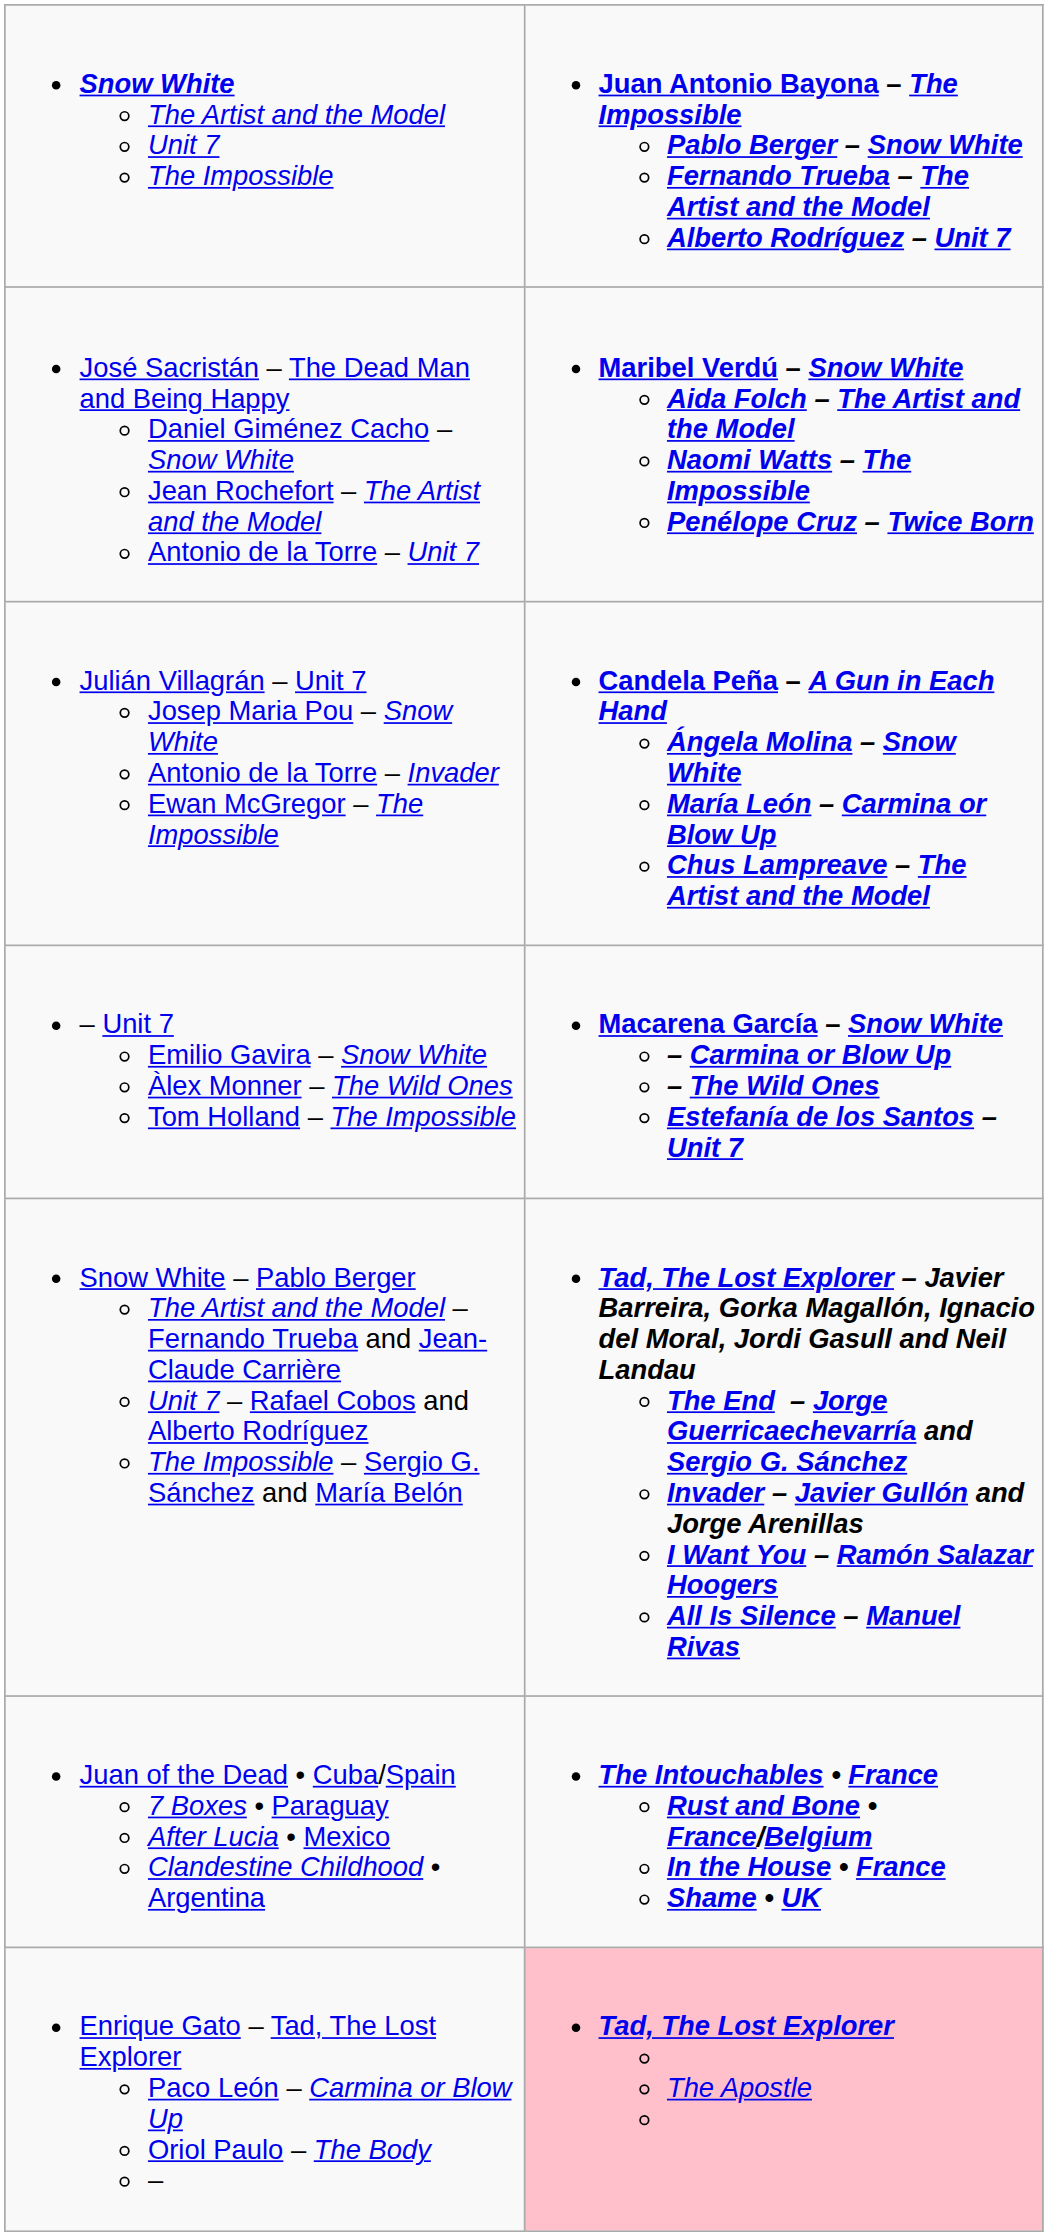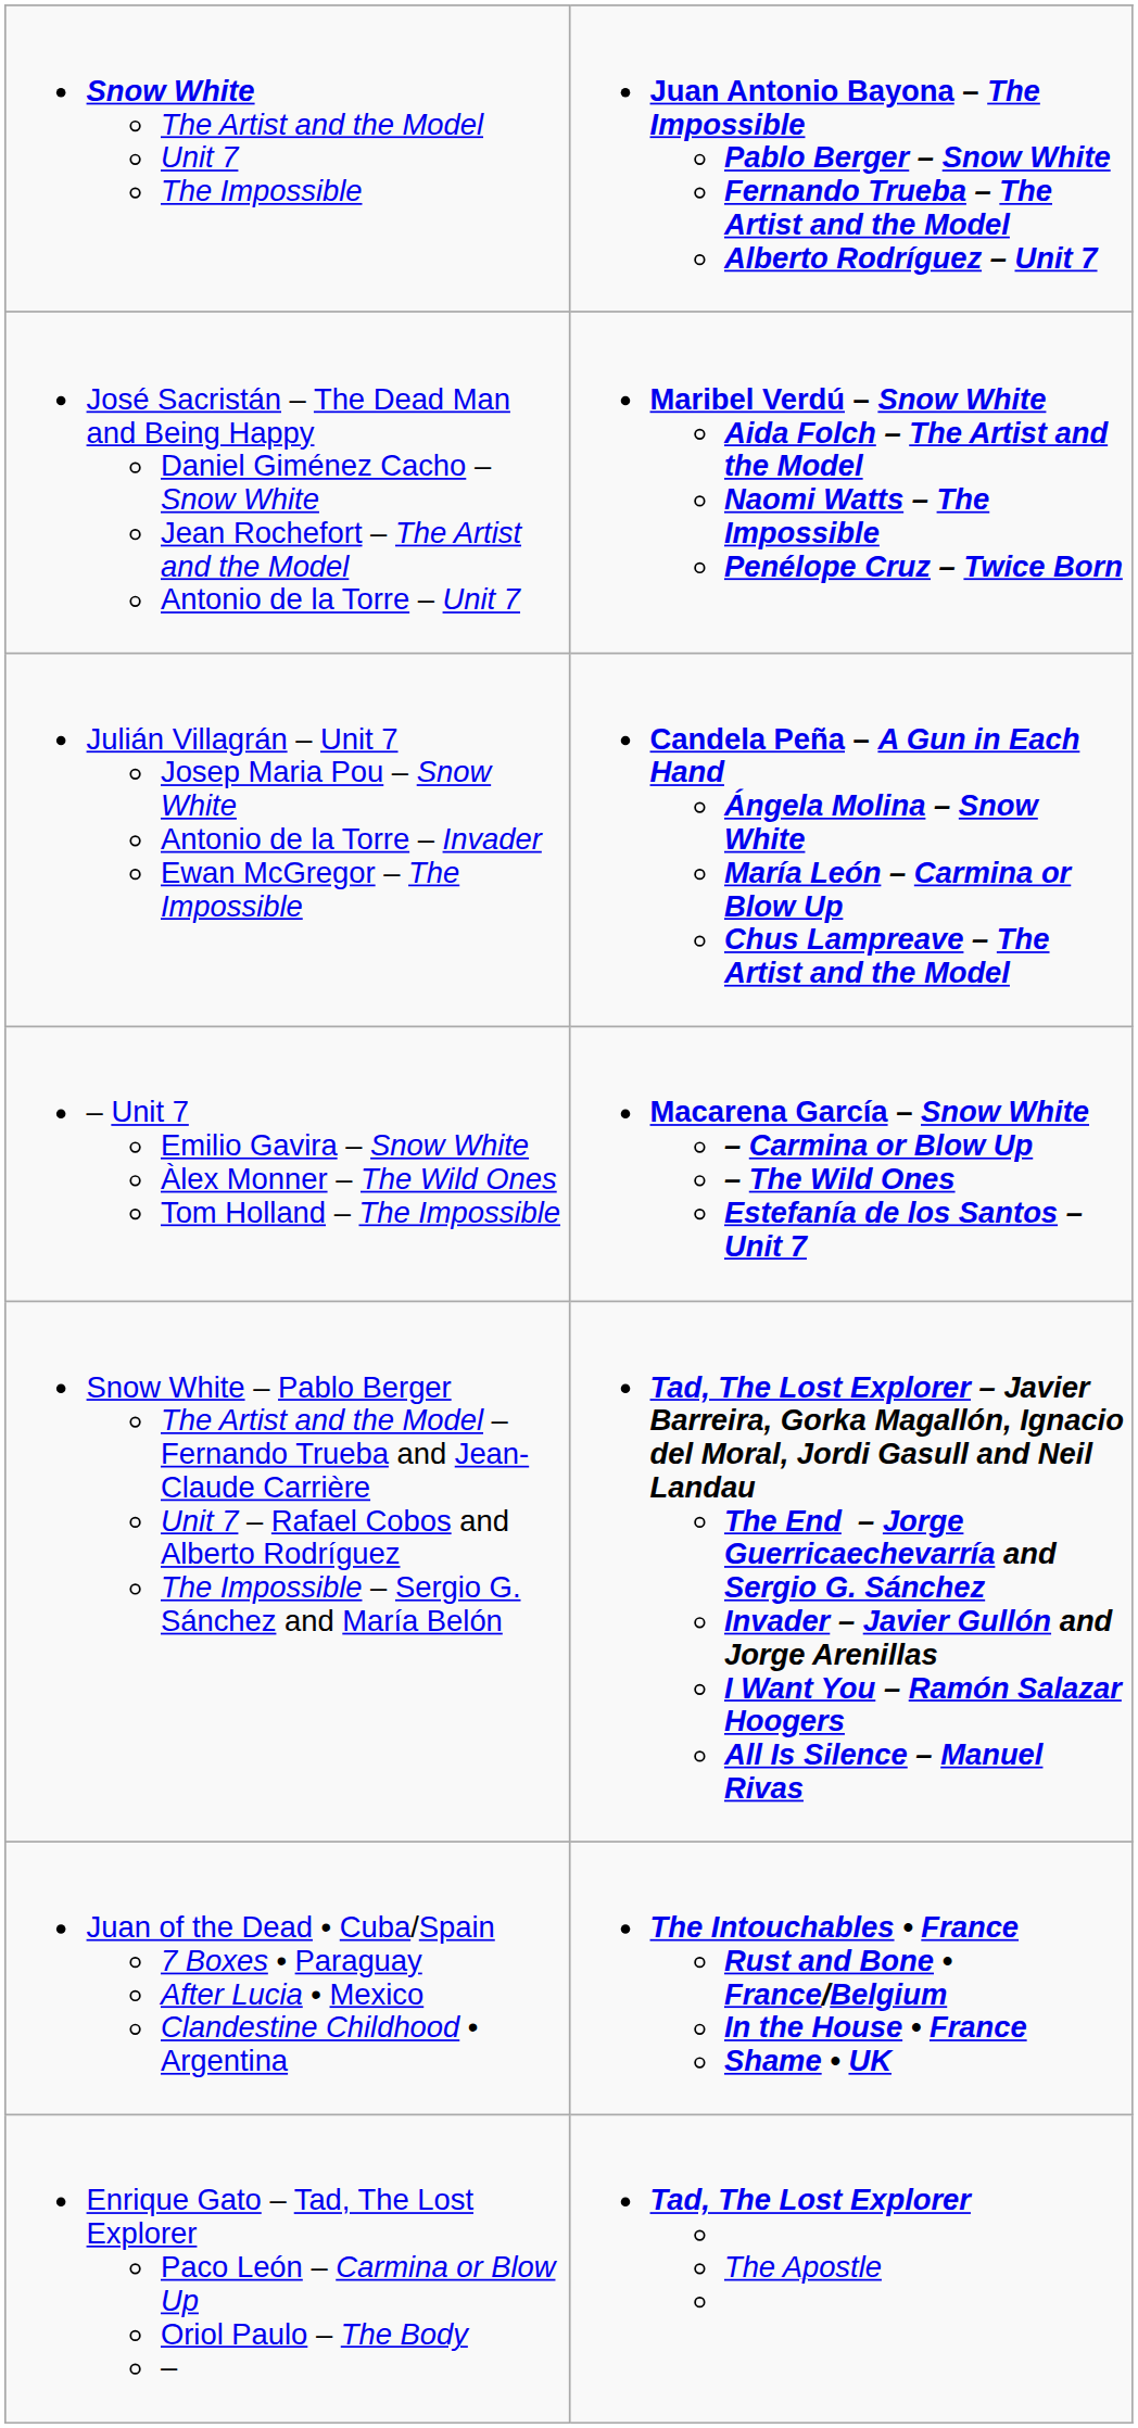 <table class=wikitable style="width=100%">
 <tr>
 <td style="vertical-align:top;" width="50%"><br><ul><li><strong><em><a href='#'>Snow White</a></em></strong><ul><li><em><a href='#'>The Artist and the Model</a></em></li><li><em><a href='#'>Unit 7</a></em></li><li><em><a href='#'>The Impossible</a></em></li></ul></li></ul></td>
 <td style="vertical-align:top;" width="50%"><br><ul><li><strong><a href='#'>Juan Antonio Bayona</a> – <em><a href='#'>The Impossible</a><strong><em><ul><li><a href='#'>Pablo Berger</a> – </em><a href='#'>Snow White</a><em></li><li><a href='#'>Fernando Trueba</a> – </em><a href='#'>The Artist and the Model</a><em></li><li><a href='#'>Alberto Rodríguez</a> – </em><a href='#'>Unit 7</a><em></li></ul></li></ul></td>
 </tr>
 <tr>
 <td style="vertical-align:top;" width="50%"><br><ul><li></strong><a href='#'>José Sacristán</a> – </em><a href='#'>The Dead Man and Being Happy</a></em></strong><ul><li><a href='#'>Daniel Giménez Cacho</a> – <em><a href='#'>Snow White</a></em></li><li><a href='#'>Jean Rochefort</a> – <em><a href='#'>The Artist and the Model</a></em></li><li><a href='#'>Antonio de la Torre</a> – <em><a href='#'>Unit 7</a></em></li></ul></li></ul></td>
 <td style="vertical-align:top;" width="50%"><br><ul><li><strong><a href='#'>Maribel Verdú</a> – <em><a href='#'>Snow White</a><strong><em><ul><li><a href='#'>Aida Folch</a> – </em><a href='#'>The Artist and the Model</a><em></li><li><a href='#'>Naomi Watts</a> – </em><a href='#'>The Impossible</a><em></li><li><a href='#'>Penélope Cruz</a> – </em><a href='#'>Twice Born</a><em></li></ul></li></ul></td>
 </tr>
 <tr>
 <td style="vertical-align:top;" width="50%"><br><ul><li></strong><a href='#'>Julián Villagrán</a> – </em><a href='#'>Unit 7</a></em></strong><ul><li><a href='#'>Josep Maria Pou</a> – <em><a href='#'>Snow White</a></em></li><li><a href='#'>Antonio de la Torre</a> – <em><a href='#'>Invader</a></em></li><li><a href='#'>Ewan McGregor</a> – <em><a href='#'>The Impossible</a></em></li></ul></li></ul></td>
 <td style="vertical-align:top;" width="50%"><br><ul><li><strong><a href='#'>Candela Peña</a> – <em><a href='#'>A Gun in Each Hand</a><strong><em><ul><li><a href='#'>Ángela Molina</a> – </em><a href='#'>Snow White</a><em></li><li><a href='#'>María León</a> – </em><a href='#'>Carmina or Blow Up</a><em></li><li><a href='#'>Chus Lampreave</a> – </em><a href='#'>The Artist and the Model</a><em></li></ul></li></ul></td>
 </tr>
 <tr>
 <td style="vertical-align:top;" width="50%"><br><ul><li></strong> – </em><a href='#'>Unit 7</a></em></strong><ul><li><a href='#'>Emilio Gavira</a> – <em><a href='#'>Snow White</a></em></li><li><a href='#'>Àlex Monner</a> – <em><a href='#'>The Wild Ones</a></em></li><li><a href='#'>Tom Holland</a> – <em><a href='#'>The Impossible</a></em></li></ul></li></ul></td>
 <td style="vertical-align:top;" width="50%"><br><ul><li><strong><a href='#'>Macarena García</a> – <em><a href='#'>Snow White</a><strong><em><ul><li> – </em><a href='#'>Carmina or Blow Up</a><em></li><li> – </em><a href='#'>The Wild Ones</a><em></li><li><a href='#'>Estefanía de los Santos</a> – </em><a href='#'>Unit 7</a><em></li></ul></li></ul></td>
 </tr>
 <tr>
 <td style="vertical-align:top;" width="50%"><br><ul><li></em></strong><a href='#'>Snow White</a></em> – <a href='#'>Pablo Berger</a></strong><ul><li><em><a href='#'>The Artist and the Model</a></em> – <a href='#'>Fernando Trueba</a> and <a href='#'>Jean-Claude Carrière</a></li><li><em><a href='#'>Unit 7</a></em> – <a href='#'>Rafael Cobos</a> and <a href='#'>Alberto Rodríguez</a></li><li><em><a href='#'>The Impossible</a></em> – <a href='#'>Sergio G. Sánchez</a> and <a href='#'>María Belón</a></li></ul></li></ul></td>
 <td style="vertical-align:top;" width="50%"><br><ul><li><strong><em><a href='#'>Tad, The Lost Explorer</a><em> – Javier Barreira, Gorka Magallón, Ignacio del Moral, Jordi Gasull and Neil Landau<strong><ul><li></em><a href='#'>The End</a><em>  – <a href='#'>Jorge Guerricaechevarría</a> and <a href='#'>Sergio G. Sánchez</a></li><li></em><a href='#'>Invader</a><em> – <a href='#'>Javier Gullón</a> and Jorge Arenillas</li><li></em><a href='#'>I Want You</a><em> – <a href='#'>Ramón Salazar Hoogers</a></li><li></em><a href='#'>All Is Silence</a><em> – <a href='#'>Manuel Rivas</a></li></ul></li></ul></td>
 </tr>
 <tr>
 <td style="vertical-align:top;" width="50%"><br><ul><li></em></strong><a href='#'>Juan of the Dead</a></em> • <a href='#'>Cuba</a>/<a href='#'>Spain</a></strong><ul><li><em><a href='#'>7 Boxes</a></em> • <a href='#'>Paraguay</a></li><li><em><a href='#'>After Lucia</a></em> • <a href='#'>Mexico</a></li><li><em><a href='#'>Clandestine Childhood</a></em> • <a href='#'>Argentina</a></li></ul></li></ul></td>
 <td style="vertical-align:top;" width="50%"><br><ul><li><strong><em><a href='#'>The Intouchables</a><em> • <a href='#'>France</a><strong><ul><li></em><a href='#'>Rust and Bone</a><em> • <a href='#'>France</a>/<a href='#'>Belgium</a></li><li></em><a href='#'>In the House</a><em> • <a href='#'>France</a></li><li></em><a href='#'>Shame</a><em> • <a href='#'>UK</a></li></ul></li></ul></td>
 </tr>
 <tr>
 <td style="vertical-align:top;" width="50%"><br><ul><li></strong><a href='#'>Enrique Gato</a> – </em><a href='#'>Tad, The Lost Explorer</a></em></strong><ul><li><a href='#'>Paco León</a> – <em><a href='#'>Carmina or Blow Up</a></em></li><li><a href='#'>Oriol Paulo</a> – <em><a href='#'>The Body</a></em></li><li> – <em></em></li></ul></li></ul></td>
-<td style="background: pink; vertical-align:top;" width="50%"><br><ul><li><strong><em><a href='#'>Tad, The Lost Explorer</a></em></strong><ul><li><em></em></li><li><em><a href='#'>The Apostle</a></em></li><li><em></em></li></ul></li></ul></td>
+<td style="vertical-align:top;" width="50%"><br><ul><li><strong><em><a href='#'>Tad, The Lost Explorer</a></em></strong><ul><li><em></em></li><li><em><a href='#'>The Apostle</a></em></li><li><em></em></li></ul></li></ul></td>
 </tr>
 </table>
